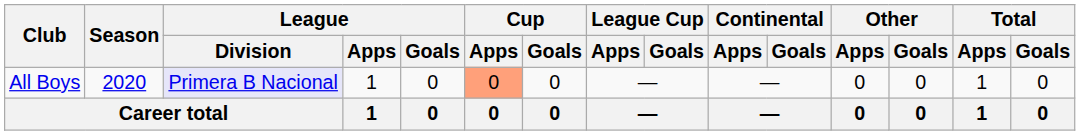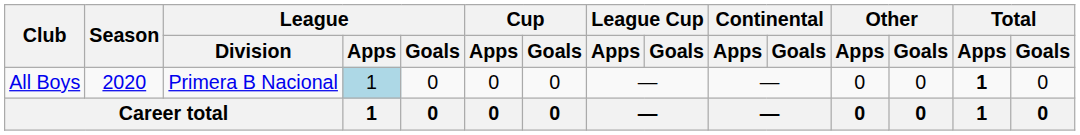 <table class="wikitable" style="text-align:center">
 <tr>
 <th rowspan="2">Club</th>
 <th rowspan="2">Season</th>
 <th colspan="3">League</th>
 <th colspan="2">Cup</th>
 <th colspan="2">League Cup</th>
 <th colspan="2">Continental</th>
 <th colspan="2">Other</th>
 <th colspan="2">Total</th>
 </tr>
 <tr>
 <th>Division</th>
 <th>Apps</th>
 <th>Goals</th>
 <th>Apps</th>
 <th>Goals</th>
 <th>Apps</th>
 <th>Goals</th>
 <th>Apps</th>
 <th>Goals</th>
 <th>Apps</th>
 <th>Goals</th>
 <th>Apps</th>
 <th>Goals</th>
 </tr>
 <tr>
 <td rowspan="1"><a href='#'>All Boys</a></td>
 <td><a href='#'>2020</a></td>
-<td rowspan="1" style="background: lavender;"><a href='#'>Primera B Nacional</a></td>
-<td>1</td>
+<td rowspan="1"><a href='#'>Primera B Nacional</a></td>
+<td style="background: lightblue;">1</td>
 <td>0</td>
-<td style="background: lightsalmon;">0</td>
+<td>0</td>
 <td>0</td>
 <td colspan="2">—</td>
 <td colspan="2">—</td>
 <td>0</td>
 <td>0</td>
-<td>1</td>
+<td><strong>1</strong></td>
 <td>0</td>
 </tr>
 <tr>
 <th colspan="3">Career total</th>
 <th>1</th>
 <th>0</th>
 <th>0</th>
 <th>0</th>
 <th colspan="2">—</th>
 <th colspan="2">—</th>
 <th>0</th>
 <th>0</th>
 <th>1</th>
 <th>0</th>
 </tr>
 </table>
